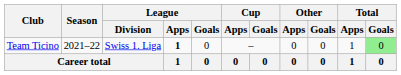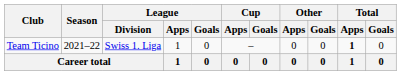 <table class="wikitable" style="text-align: center">
 <tr>
 <th rowspan="2">Club</th>
 <th rowspan="2">Season</th>
 <th colspan="3">League</th>
 <th colspan="2">Cup</th>
 <th colspan="2">Other</th>
 <th colspan="2">Total</th>
 </tr>
 <tr>
 <th>Division</th>
 <th>Apps</th>
 <th>Goals</th>
 <th>Apps</th>
 <th>Goals</th>
 <th>Apps</th>
 <th>Goals</th>
 <th>Apps</th>
 <th>Goals</th>
 </tr>
 <tr>
 <td><a href='#'>Team Ticino</a></td>
 <td>2021–22</td>
 <td><a href='#'>Swiss 1. Liga</a></td>
-<td><strong>1</strong></td>
+<td>1</td>
 <td>0</td>
 <td colspan="2">–</td>
 <td>0</td>
 <td>0</td>
-<td>1</td>
-<td style="background: lightgreen;">0</td>
+<td><strong>1</strong></td>
+<td>0</td>
 </tr>
 <tr>
 <th colspan=3>Career total</th>
 <th>1</th>
 <th>0</th>
 <th>0</th>
 <th>0</th>
 <th>0</th>
 <th>0</th>
 <th>1</th>
 <th>0</th>
 </tr>
 </table>
